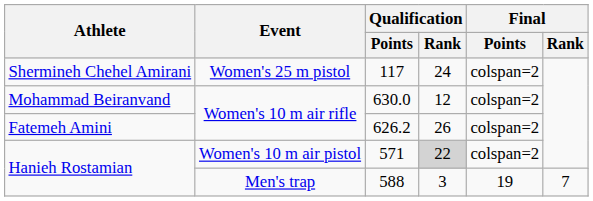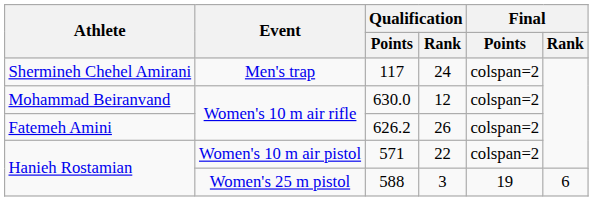 <table class="wikitable" style="font-size:90%">
 <tr>
 <th rowspan="2">Athlete</th>
 <th rowspan="2">Event</th>
 <th colspan=2>Qualification</th>
 <th colspan=2>Final</th>
 </tr>
 <tr style="font-size:95%">
 <th>Points</th>
 <th>Rank</th>
 <th>Points</th>
 <th>Rank</th>
 </tr>
 <tr align=center>
 <td align=left><a href='#'>Shermineh Chehel Amirani</a></td>
-<td align="center"><a href='#'>Women's 25 m pistol</a></td>
+<td align=center><a href='#'>Men's trap</a></td>
 <td>117</td>
 <td>24</td>
 <td>colspan=2 </td>
 </tr>
 <tr align=center>
 <td align=left><a href='#'>Mohammad Beiranvand</a></td>
 <td align=center rowspan=2><a href='#'>Women's 10 m air rifle</a></td>
 <td align="center">630.0</td>
 <td align="center">12</td>
 <td>colspan=2 </td>
 </tr>
 <tr align=center>
 <td align=left><a href='#'>Fatemeh Amini</a></td>
 <td align="center">626.2</td>
 <td align="center">26</td>
 <td>colspan=2 </td>
 </tr>
 <tr align=left>
 <td rowspan="2"><a href='#'>Hanieh Rostamian</a></td>
 <td align="center"><a href='#'>Women's 10 m air pistol</a></td>
 <td align="center">571</td>
-<td align="center" style="background: lightgrey;">22</td>
+<td align="center">22</td>
 <td>colspan=2 </td>
 </tr>
 <tr align=center>
-<td align=center><a href='#'>Men's trap</a></td>
+<td align="center"><a href='#'>Women's 25 m pistol</a></td>
 <td align="center">588</td>
 <td align="center">3 <strong></strong></td>
 <td>19</td>
-<td>7</td>
+<td>6</td>
 </tr>
 </table>
